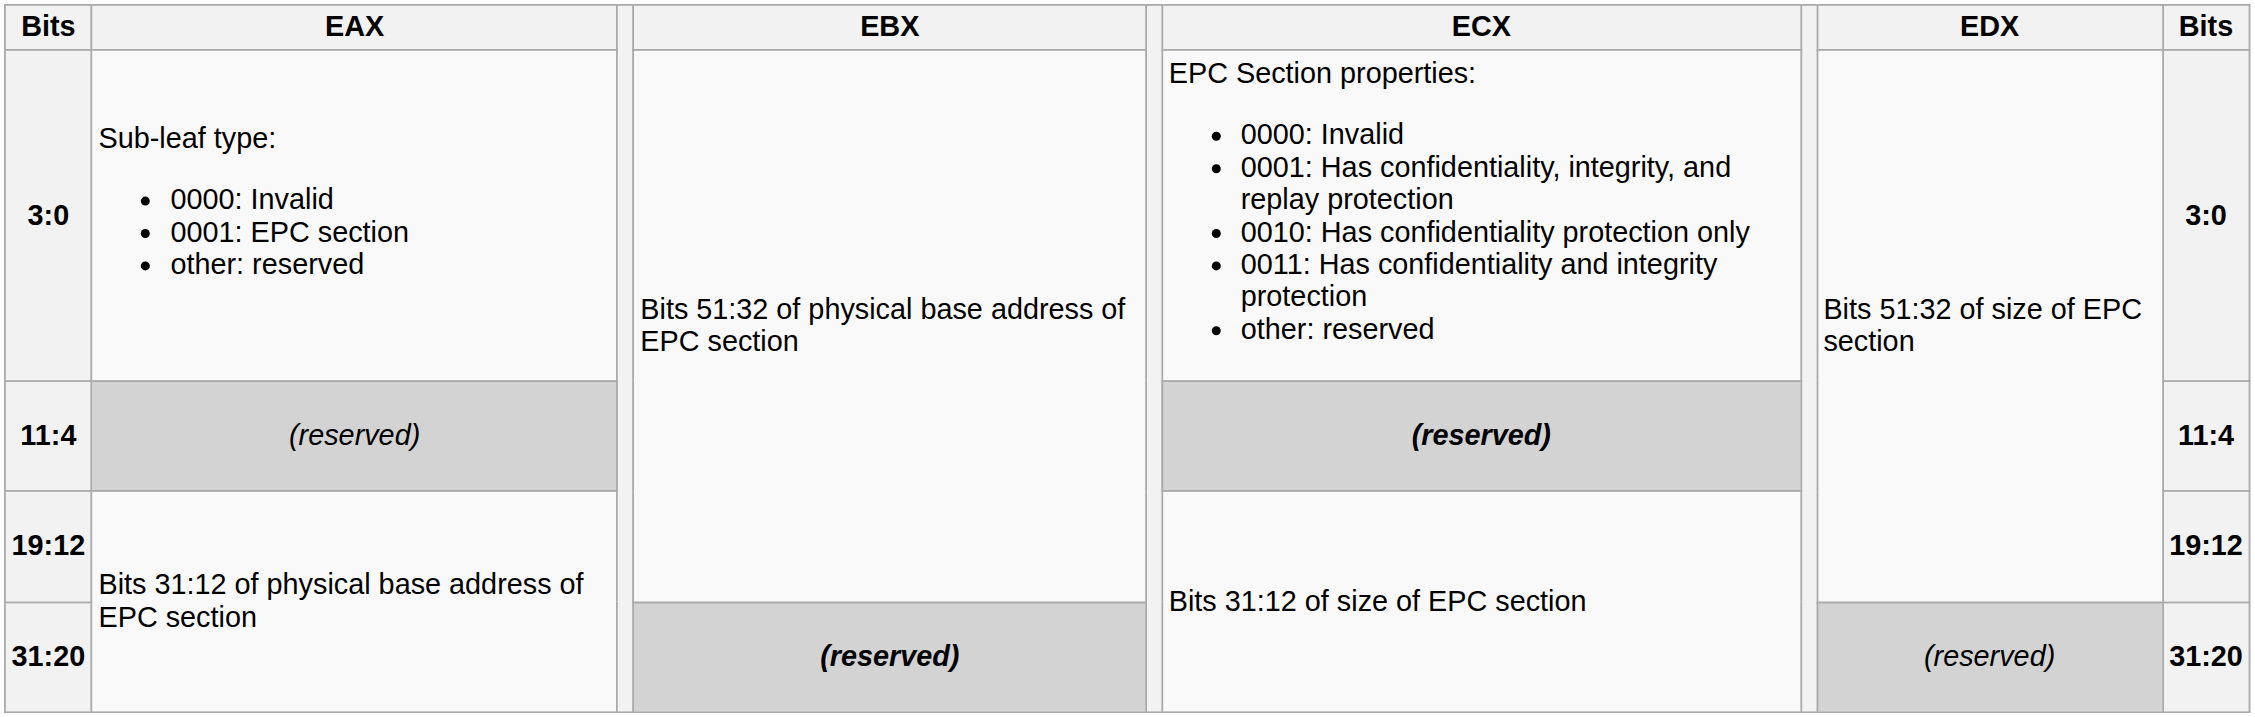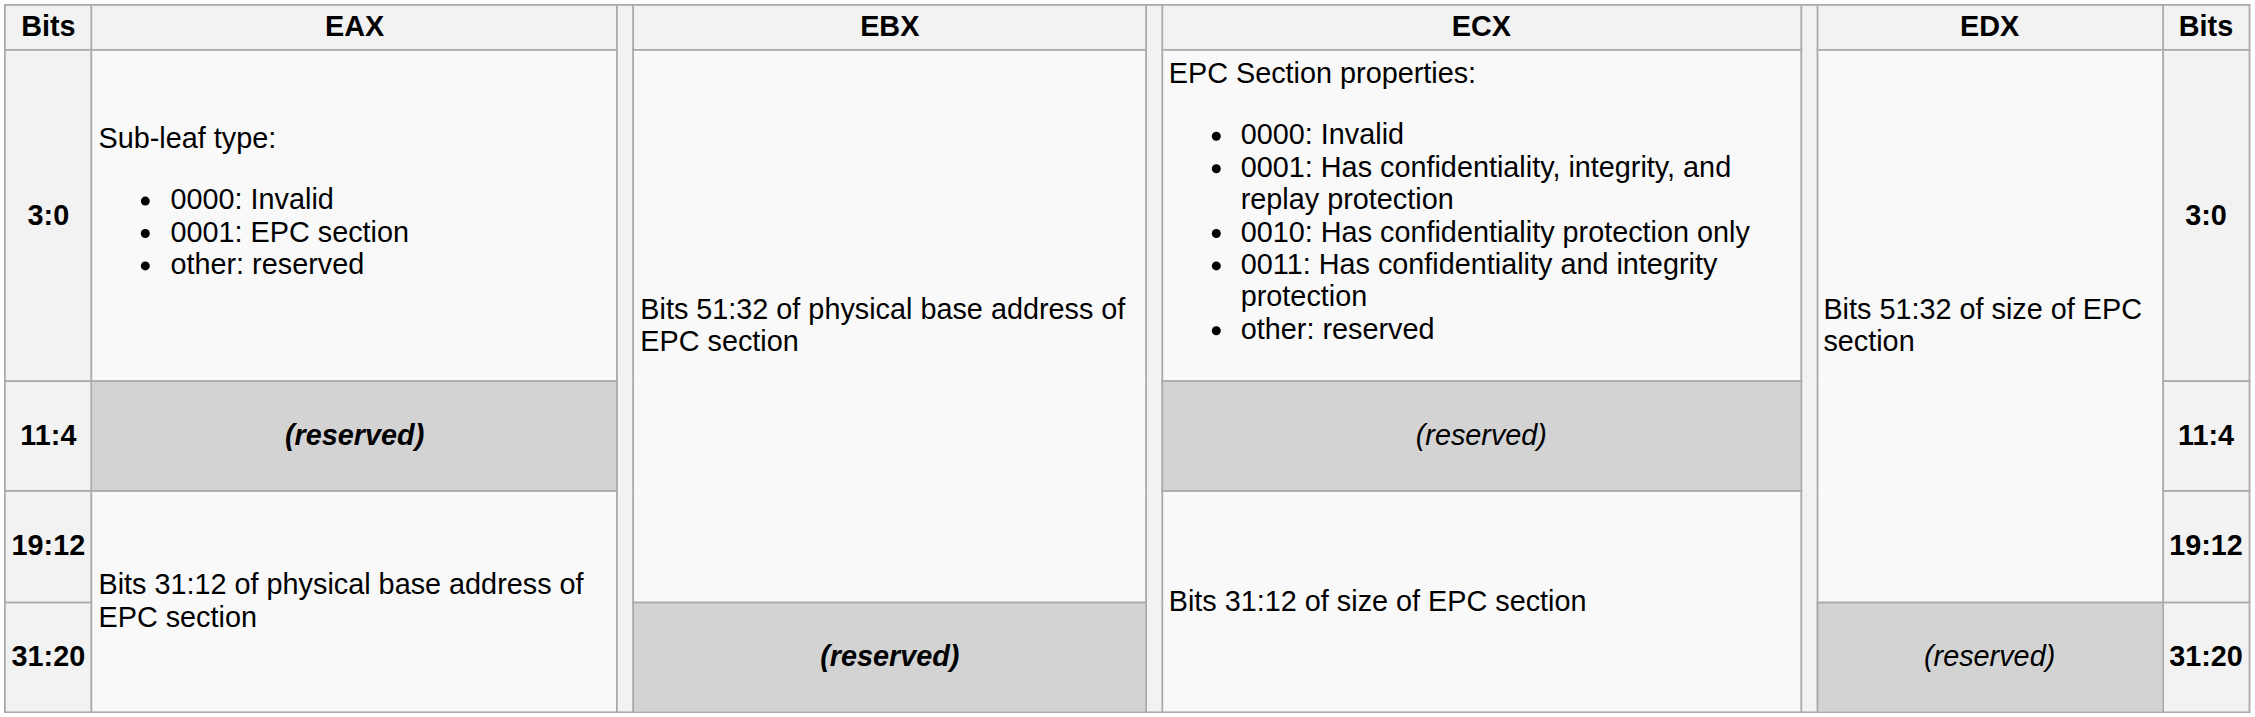 <table class="wikitable">
 <tr>
 <th>Bits</th>
 <th>EAX</th>
 <th scope="col" style="width: 0.5em; border-spacing:0; padding:0px" rowspan="5"></th>
 <th>EBX</th>
 <th scope="col" style="width: 0.5em; border-spacing:0; padding:0px" rowspan="5"></th>
 <th>ECX</th>
 <th scope="col" style="width: 0.5em; border-spacing:0; padding:0px" rowspan="5"></th>
 <th>EDX</th>
 <th>Bits</th>
 </tr>
 <tr>
 <th>3:0</th>
 <td>Sub-leaf type:<br><ul><li>0000: Invalid</li><li>0001: EPC section</li><li>other: reserved</li></ul></td>
 <td rowspan=3>Bits 51:32 of physical base address of EPC section</td>
 <td>EPC Section properties:<br><ul><li>0000: Invalid</li><li>0001: Has confidentiality, integrity, and replay protection</li><li>0010: Has confidentiality protection only</li><li>0011: Has confidentiality and integrity protection</li><li>other: reserved</li></ul></td>
 <td rowspan=3>Bits 51:32 of size of EPC section</td>
 <th>3:0</th>
 </tr>
 <tr>
 <th><br>11:4<br> </th>
+<td style="text-align:center; background:lightgrey;"><strong><em>(reserved)</em></strong></td>
 <td style="text-align:center; background:lightgrey;"><em>(reserved)</em></td>
-<td style="text-align:center; background:lightgrey;"><strong><em>(reserved)</em></strong></td>
 <th><br>11:4<br> </th>
 </tr>
 <tr>
 <th><br>19:12<br> </th>
 <td rowspan=2>Bits 31:12 of physical base address of EPC section</td>
 <td rowspan=2>Bits 31:12 of size of EPC section</td>
 <th><br>19:12<br> </th>
 </tr>
 <tr>
 <th><br>31:20<br> </th>
 <td style="text-align:center; background:lightgrey;"><strong><em>(reserved)</em></strong></td>
 <td style="text-align:center; background:lightgrey;"><em>(reserved)</em></td>
 <th><br>31:20<br> </th>
 </tr>
 </table>
